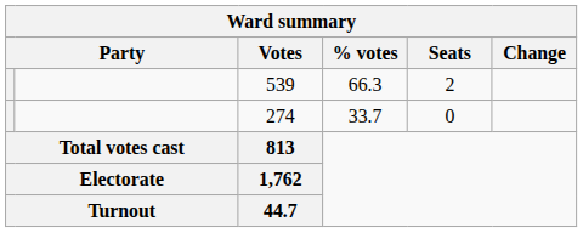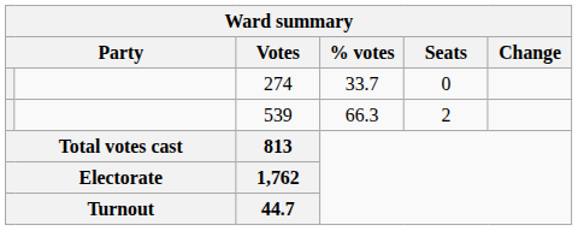 <table class="wikitable" style="font-size: 95%;">
 <tr style="background-color:#E9E9E9">
 <th colspan="6">Ward summary</th>
 </tr>
 <tr style="background-color:#E9E9E9">
 <th colspan="2">Party</th>
 <th style="width: 60px">Votes</th>
 <th style="width: 60px">% votes</th>
 <th style="width: 60px">Seats</th>
 <th style="width: 60px">Change</th>
 </tr>
 <tr>
 <th style="background-color: "></th>
 <td style="width: 170px"><a href='#'></a></td>
-<td align="center">539</td>
-<td align="center">66.3</td>
-<td align="center">2</td>
+<td align="center">274</td>
+<td align="center">33.7</td>
+<td align="center">0</td>
 <td align="center"></td>
 </tr>
 <tr>
 <th style="background-color: "></th>
 <td style="width: 170px"><a href='#'></a></td>
-<td align="center">274</td>
-<td align="center">33.7</td>
-<td align="center">0</td>
+<td align="center">539</td>
+<td align="center">66.3</td>
+<td align="center">2</td>
 <td align="center"></td>
 </tr>
 <tr style="background-color:#E9E9E9">
 <th colspan="2">Total votes cast</th>
 <th style="width: 60px">813</th>
 </tr>
 <tr style="background-color:#E9E9E9">
 <th colspan="2">Electorate</th>
 <th style="width: 60px">1,762</th>
 </tr>
 <tr style="background-color:#E9E9E9">
 <th colspan="2">Turnout</th>
 <th style="width: 60px">44.7</th>
 </tr>
 </table>
